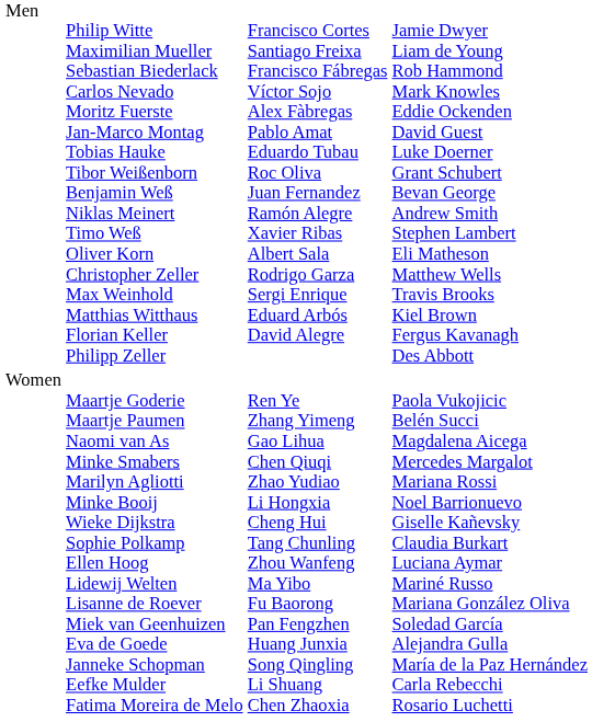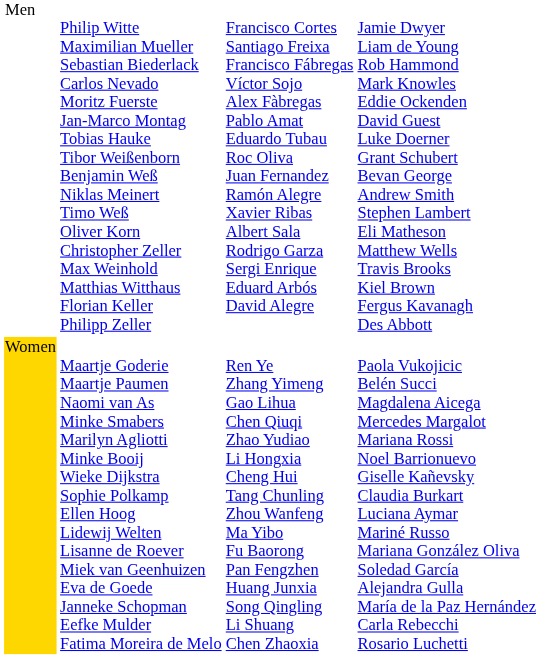 <table>
 <tr valign="top">
 <td>Men<br></td>
 <td><br><a href='#'>Philip Witte</a><br><a href='#'>Maximilian Mueller</a><br><a href='#'>Sebastian Biederlack</a><br><a href='#'>Carlos Nevado</a><br><a href='#'>Moritz Fuerste</a><br><a href='#'>Jan-Marco Montag</a><br><a href='#'>Tobias Hauke</a><br><a href='#'>Tibor Weißenborn</a><br><a href='#'>Benjamin Weß</a><br><a href='#'>Niklas Meinert</a><br><a href='#'>Timo Weß</a><br><a href='#'>Oliver Korn</a><br><a href='#'>Christopher Zeller</a><br><a href='#'>Max Weinhold</a><br><a href='#'>Matthias Witthaus</a><br><a href='#'>Florian Keller</a><br><a href='#'>Philipp Zeller</a></td>
 <td><br><a href='#'>Francisco Cortes</a><br><a href='#'>Santiago Freixa</a><br><a href='#'>Francisco Fábregas</a><br><a href='#'>Víctor Sojo</a><br><a href='#'>Alex Fàbregas</a><br><a href='#'>Pablo Amat</a><br><a href='#'>Eduardo Tubau</a><br><a href='#'>Roc Oliva</a><br><a href='#'>Juan Fernandez</a><br><a href='#'>Ramón Alegre</a><br><a href='#'>Xavier Ribas</a><br><a href='#'>Albert Sala</a><br><a href='#'>Rodrigo Garza</a><br><a href='#'>Sergi Enrique</a><br><a href='#'>Eduard Arbós</a><br><a href='#'>David Alegre</a><br></td>
 <td><br><a href='#'>Jamie Dwyer</a><br><a href='#'>Liam de Young</a><br><a href='#'>Rob Hammond</a><br><a href='#'>Mark Knowles</a><br><a href='#'>Eddie Ockenden</a><br><a href='#'>David Guest</a><br><a href='#'>Luke Doerner</a><br><a href='#'>Grant Schubert</a><br><a href='#'>Bevan George</a><br><a href='#'>Andrew Smith</a><br><a href='#'>Stephen Lambert</a><br><a href='#'>Eli Matheson</a><br><a href='#'>Matthew Wells</a><br><a href='#'>Travis Brooks</a><br><a href='#'>Kiel Brown</a><br><a href='#'>Fergus Kavanagh</a><br><a href='#'>Des Abbott</a></td>
 </tr>
 <tr valign="top">
-<td>Women<br></td>
+<td style="background: gold;">Women<br></td>
 <td><br><a href='#'>Maartje Goderie</a><br><a href='#'>Maartje Paumen</a><br><a href='#'>Naomi van As</a><br><a href='#'>Minke Smabers</a><br><a href='#'>Marilyn Agliotti</a><br><a href='#'>Minke Booij</a><br><a href='#'>Wieke Dijkstra</a><br><a href='#'>Sophie Polkamp</a><br><a href='#'>Ellen Hoog</a><br><a href='#'>Lidewij Welten</a><br><a href='#'>Lisanne de Roever</a><br><a href='#'>Miek van Geenhuizen</a><br><a href='#'>Eva de Goede</a><br><a href='#'>Janneke Schopman</a><br><a href='#'>Eefke Mulder</a><br><a href='#'>Fatima Moreira de Melo</a></td>
 <td><br><a href='#'>Ren Ye</a><br><a href='#'>Zhang Yimeng</a><br><a href='#'>Gao Lihua</a><br><a href='#'>Chen Qiuqi</a><br><a href='#'>Zhao Yudiao</a><br><a href='#'>Li Hongxia</a><br><a href='#'>Cheng Hui</a><br><a href='#'>Tang Chunling</a><br><a href='#'>Zhou Wanfeng</a><br><a href='#'>Ma Yibo</a><br><a href='#'>Fu Baorong</a><br><a href='#'>Pan Fengzhen</a><br><a href='#'>Huang Junxia</a><br><a href='#'>Song Qingling</a><br><a href='#'>Li Shuang</a><br><a href='#'>Chen Zhaoxia</a></td>
 <td><br><a href='#'>Paola Vukojicic</a><br><a href='#'>Belén Succi</a><br><a href='#'>Magdalena Aicega</a><br><a href='#'>Mercedes Margalot</a><br><a href='#'>Mariana Rossi</a><br><a href='#'>Noel Barrionuevo</a><br><a href='#'>Giselle Kañevsky</a><br><a href='#'>Claudia Burkart</a><br><a href='#'>Luciana Aymar</a><br><a href='#'>Mariné Russo</a><br><a href='#'>Mariana González Oliva</a><br><a href='#'>Soledad García</a><br><a href='#'>Alejandra Gulla</a><br><a href='#'>María de la Paz Hernández</a><br><a href='#'>Carla Rebecchi</a><br><a href='#'>Rosario Luchetti</a></td>
 </tr>
 </table>
